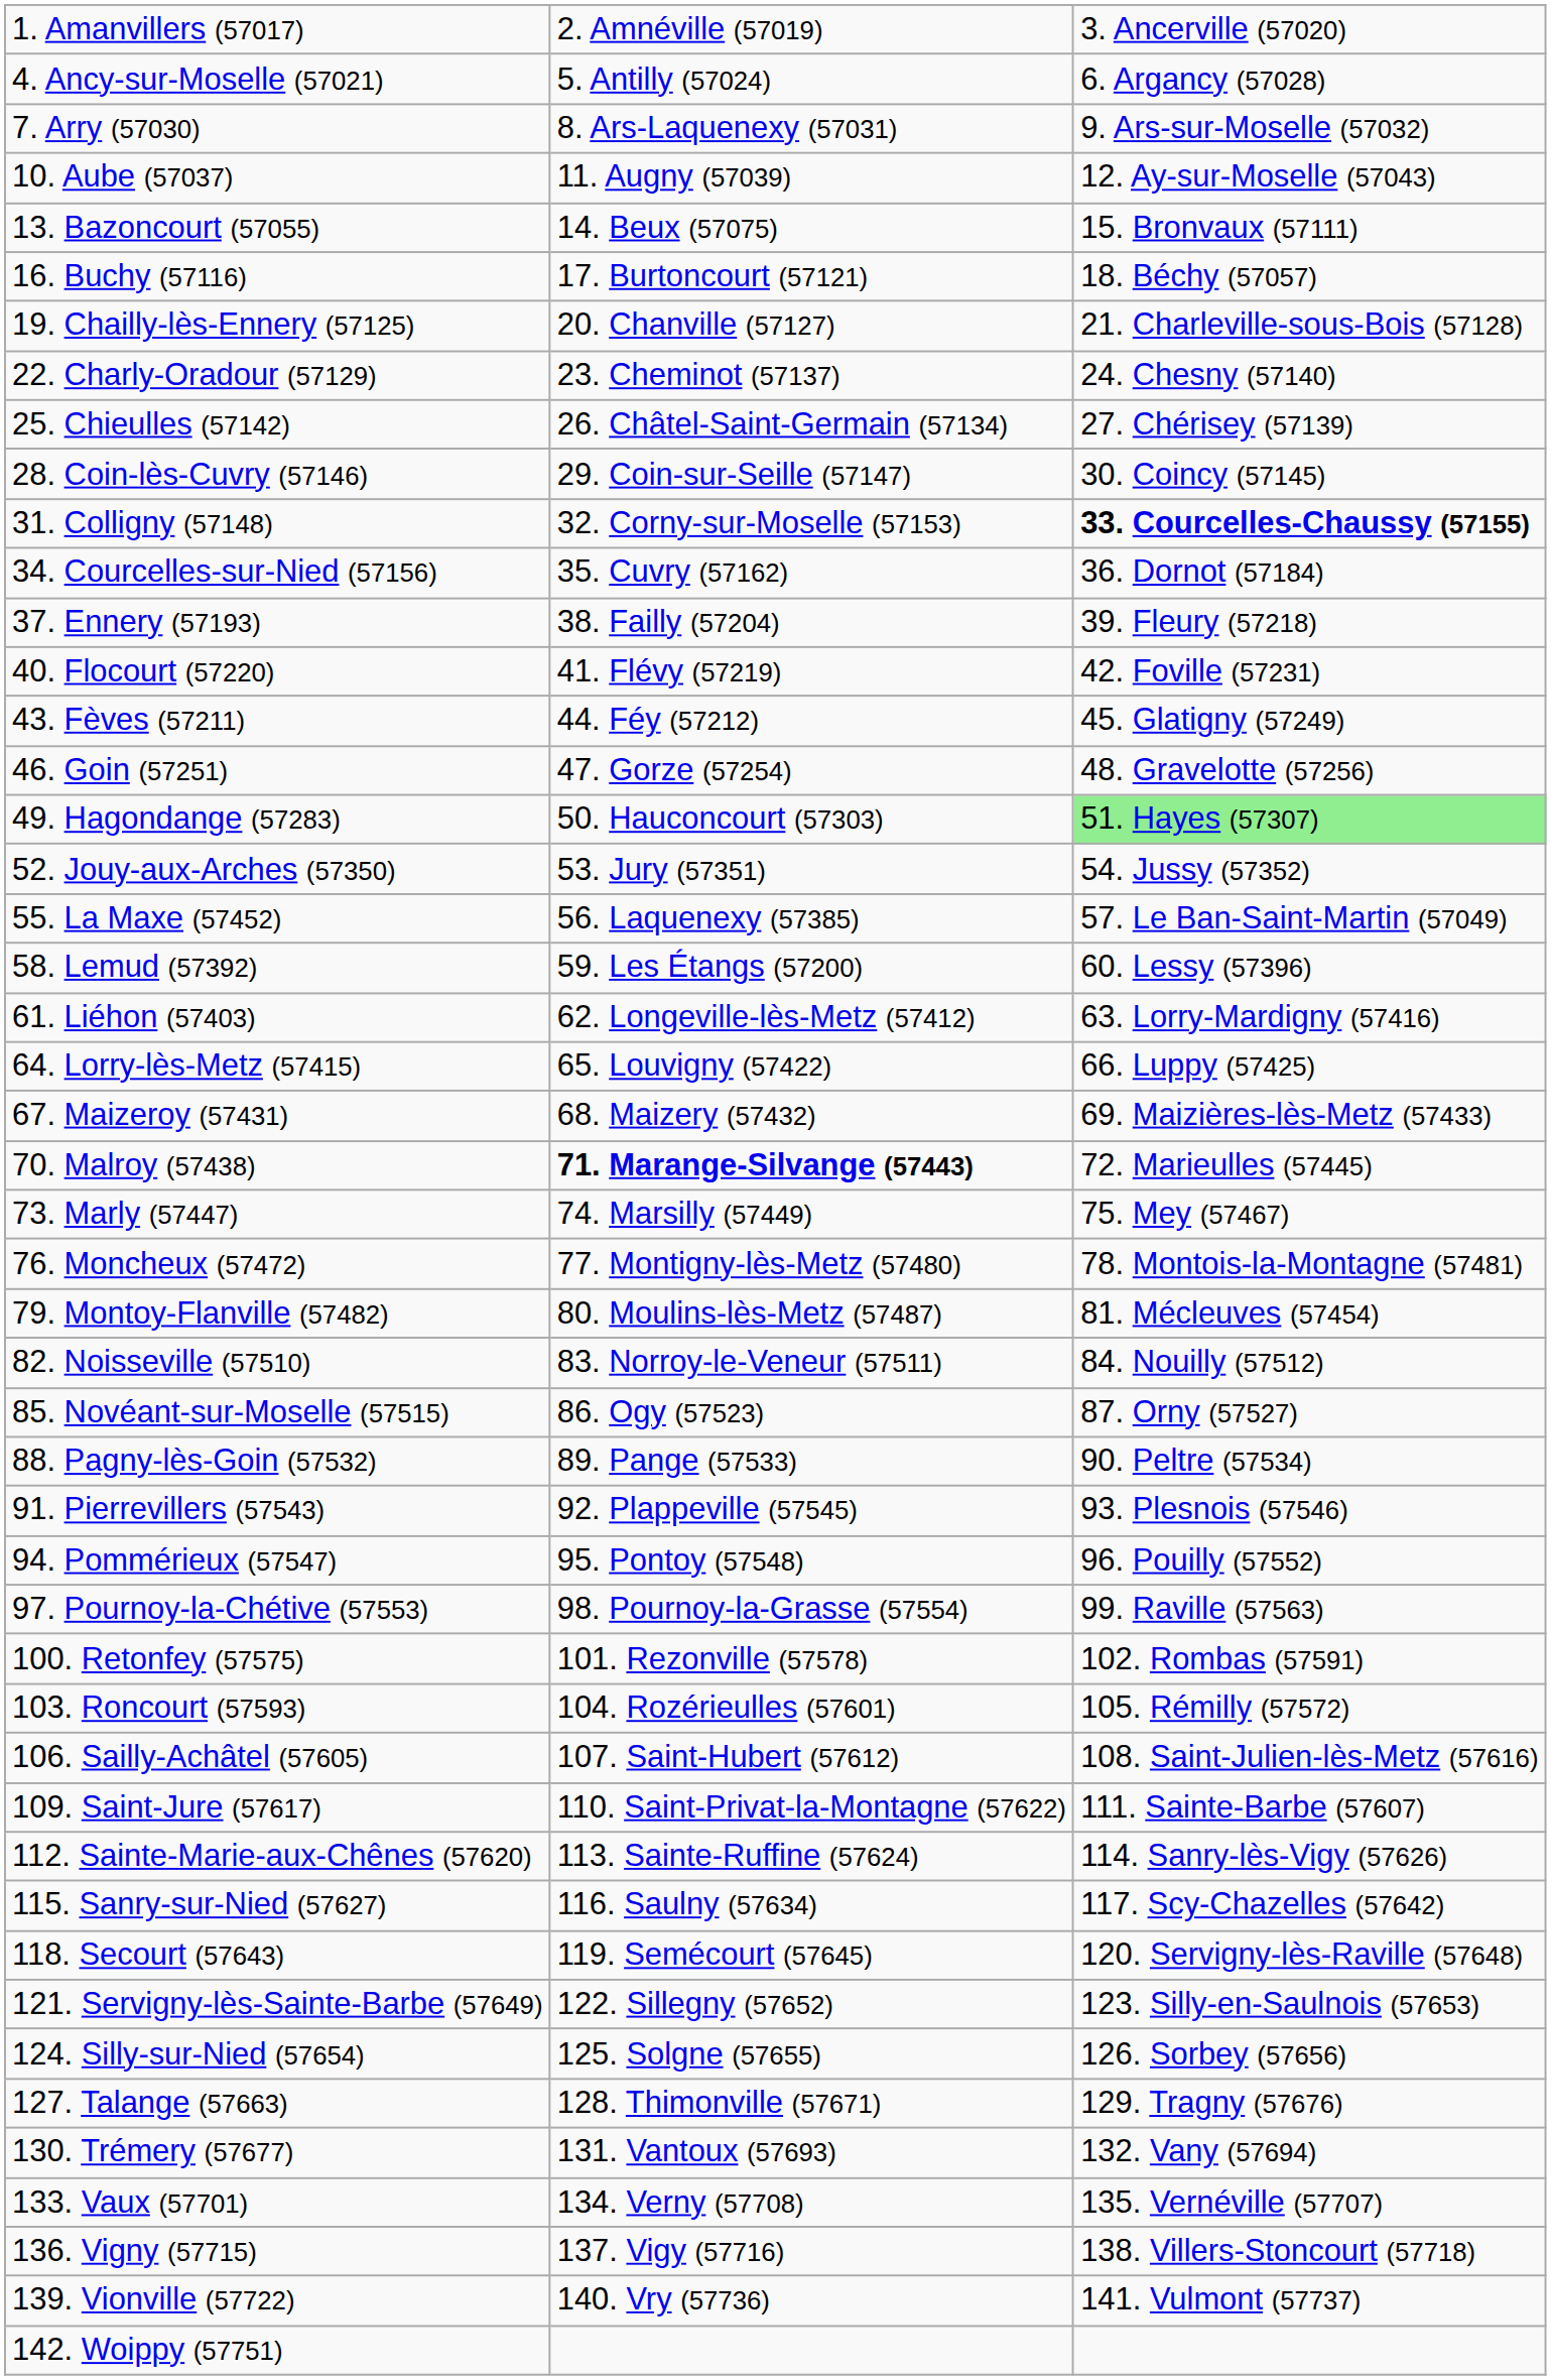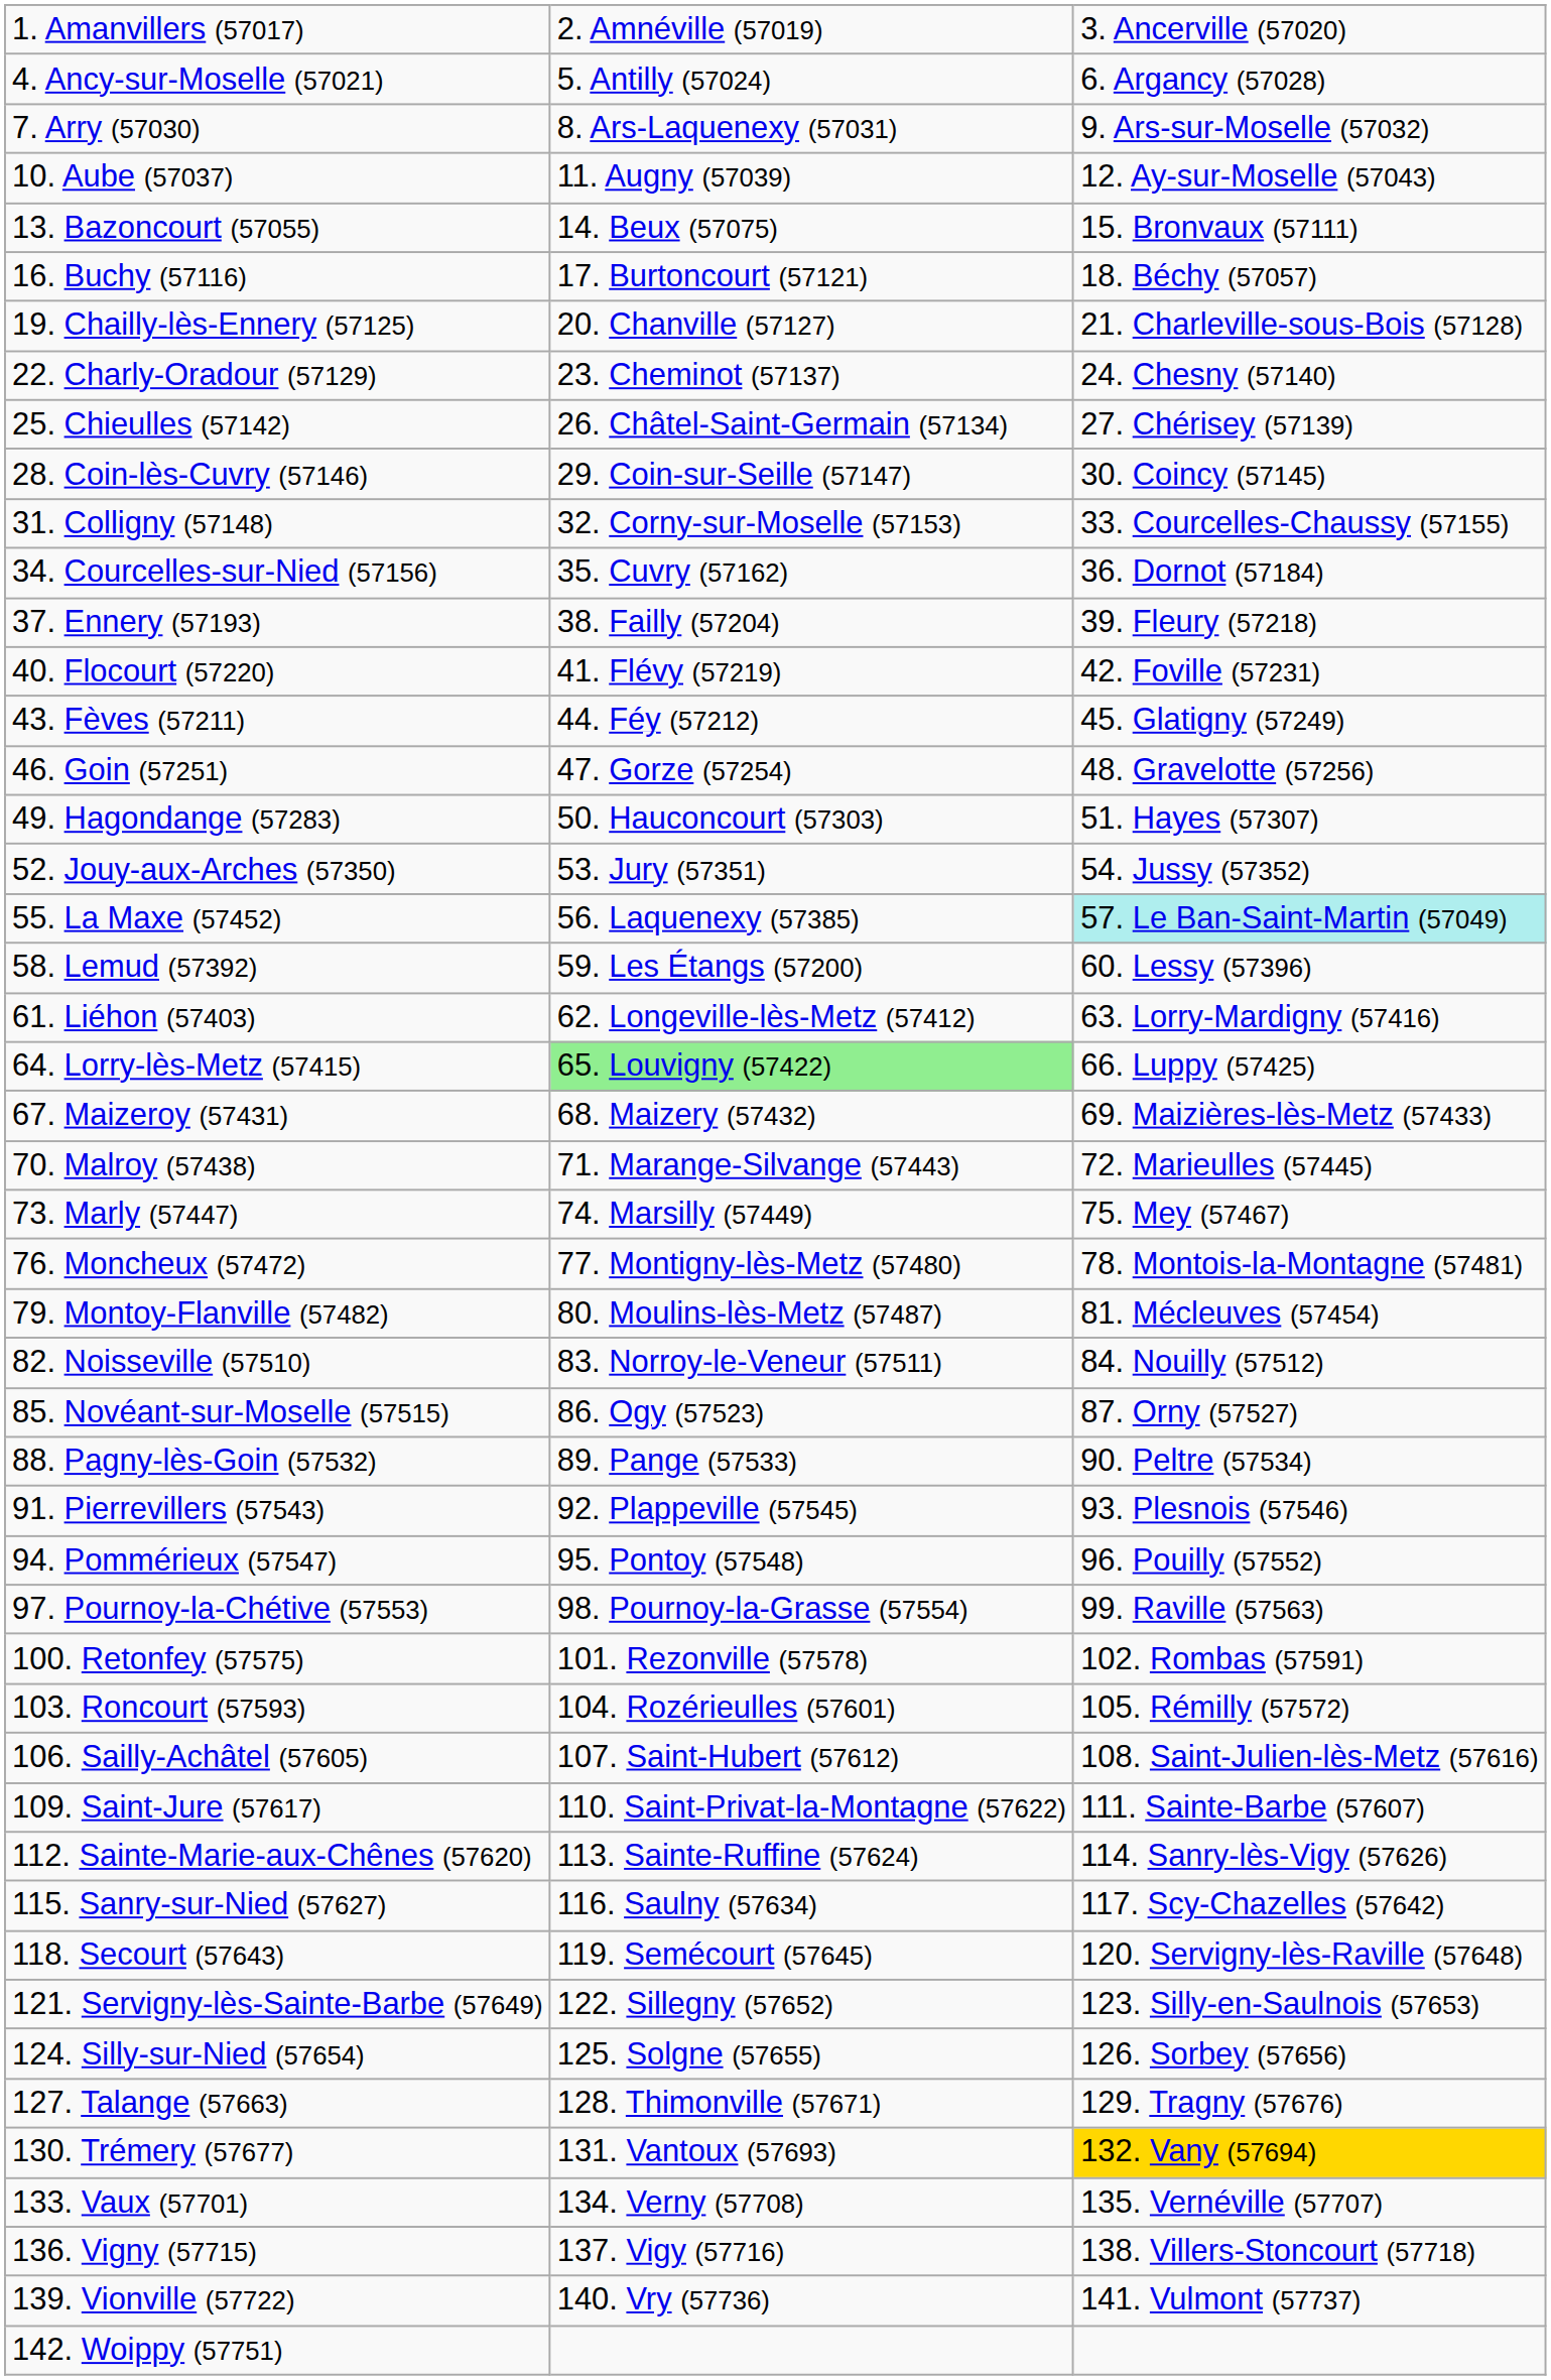 <table class="wikitable">
 <tr>
 <td>1. <a href='#'>Amanvillers</a> <small>(57017)</small></td>
 <td>2. <a href='#'>Amnéville</a> <small>(57019)</small></td>
 <td>3. <a href='#'>Ancerville</a> <small>(57020)</small></td>
 </tr>
 <tr>
 <td>4. <a href='#'>Ancy-sur-Moselle</a> <small>(57021)</small></td>
 <td>5. <a href='#'>Antilly</a> <small>(57024)</small></td>
 <td>6. <a href='#'>Argancy</a> <small>(57028)</small></td>
 </tr>
 <tr>
 <td>7. <a href='#'>Arry</a> <small>(57030)</small></td>
 <td>8. <a href='#'>Ars-Laquenexy</a> <small>(57031)</small></td>
 <td>9. <a href='#'>Ars-sur-Moselle</a> <small>(57032)</small></td>
 </tr>
 <tr>
 <td>10. <a href='#'>Aube</a> <small>(57037)</small></td>
 <td>11. <a href='#'>Augny</a> <small>(57039)</small></td>
 <td>12. <a href='#'>Ay-sur-Moselle</a> <small>(57043)</small></td>
 </tr>
 <tr>
 <td>13. <a href='#'>Bazoncourt</a> <small>(57055)</small></td>
 <td>14. <a href='#'>Beux</a> <small>(57075)</small></td>
 <td>15. <a href='#'>Bronvaux</a> <small>(57111)</small></td>
 </tr>
 <tr>
 <td>16. <a href='#'>Buchy</a> <small>(57116)</small></td>
 <td>17. <a href='#'>Burtoncourt</a> <small>(57121)</small></td>
 <td>18. <a href='#'>Béchy</a> <small>(57057)</small></td>
 </tr>
 <tr>
 <td>19. <a href='#'>Chailly-lès-Ennery</a> <small>(57125)</small></td>
 <td>20. <a href='#'>Chanville</a> <small>(57127)</small></td>
 <td>21. <a href='#'>Charleville-sous-Bois</a> <small>(57128)</small></td>
 </tr>
 <tr>
 <td>22. <a href='#'>Charly-Oradour</a> <small>(57129)</small></td>
 <td>23. <a href='#'>Cheminot</a> <small>(57137)</small></td>
 <td>24. <a href='#'>Chesny</a> <small>(57140)</small></td>
 </tr>
 <tr>
 <td>25. <a href='#'>Chieulles</a> <small>(57142)</small></td>
 <td>26. <a href='#'>Châtel-Saint-Germain</a> <small>(57134)</small></td>
 <td>27. <a href='#'>Chérisey</a> <small>(57139)</small></td>
 </tr>
 <tr>
 <td>28. <a href='#'>Coin-lès-Cuvry</a> <small>(57146)</small></td>
 <td>29. <a href='#'>Coin-sur-Seille</a> <small>(57147)</small></td>
 <td>30. <a href='#'>Coincy</a> <small>(57145)</small></td>
 </tr>
 <tr>
 <td>31. <a href='#'>Colligny</a> <small>(57148)</small></td>
 <td>32. <a href='#'>Corny-sur-Moselle</a> <small>(57153)</small></td>
-<td><strong>33. <a href='#'>Courcelles-Chaussy</a> <small>(57155)</small></strong></td>
+<td>33. <a href='#'>Courcelles-Chaussy</a> <small>(57155)</small></td>
 </tr>
 <tr>
 <td>34. <a href='#'>Courcelles-sur-Nied</a> <small>(57156)</small></td>
 <td>35. <a href='#'>Cuvry</a> <small>(57162)</small></td>
 <td>36. <a href='#'>Dornot</a> <small>(57184)</small></td>
 </tr>
 <tr>
 <td>37. <a href='#'>Ennery</a> <small>(57193)</small></td>
 <td>38. <a href='#'>Failly</a> <small>(57204)</small></td>
 <td>39. <a href='#'>Fleury</a> <small>(57218)</small></td>
 </tr>
 <tr>
 <td>40. <a href='#'>Flocourt</a> <small>(57220)</small></td>
 <td>41. <a href='#'>Flévy</a> <small>(57219)</small></td>
 <td>42. <a href='#'>Foville</a> <small>(57231)</small></td>
 </tr>
 <tr>
 <td>43. <a href='#'>Fèves</a> <small>(57211)</small></td>
 <td>44. <a href='#'>Féy</a> <small>(57212)</small></td>
 <td>45. <a href='#'>Glatigny</a> <small>(57249)</small></td>
 </tr>
 <tr>
 <td>46. <a href='#'>Goin</a> <small>(57251)</small></td>
 <td>47. <a href='#'>Gorze</a> <small>(57254)</small></td>
 <td>48. <a href='#'>Gravelotte</a> <small>(57256)</small></td>
 </tr>
 <tr>
 <td>49. <a href='#'>Hagondange</a> <small>(57283)</small></td>
 <td>50. <a href='#'>Hauconcourt</a> <small>(57303)</small></td>
-<td style="background: lightgreen;">51. <a href='#'>Hayes</a> <small>(57307)</small></td>
+<td>51. <a href='#'>Hayes</a> <small>(57307)</small></td>
 </tr>
 <tr>
 <td>52. <a href='#'>Jouy-aux-Arches</a> <small>(57350)</small></td>
 <td>53. <a href='#'>Jury</a> <small>(57351)</small></td>
 <td>54. <a href='#'>Jussy</a> <small>(57352)</small></td>
 </tr>
 <tr>
 <td>55. <a href='#'>La Maxe</a> <small>(57452)</small></td>
 <td>56. <a href='#'>Laquenexy</a> <small>(57385)</small></td>
-<td>57. <a href='#'>Le Ban-Saint-Martin</a> <small>(57049)</small></td>
+<td style="background: paleturquoise;">57. <a href='#'>Le Ban-Saint-Martin</a> <small>(57049)</small></td>
 </tr>
 <tr>
 <td>58. <a href='#'>Lemud</a> <small>(57392)</small></td>
 <td>59. <a href='#'>Les Étangs</a> <small>(57200)</small></td>
 <td>60. <a href='#'>Lessy</a> <small>(57396)</small></td>
 </tr>
 <tr>
 <td>61. <a href='#'>Liéhon</a> <small>(57403)</small></td>
 <td>62. <a href='#'>Longeville-lès-Metz</a> <small>(57412)</small></td>
 <td>63. <a href='#'>Lorry-Mardigny</a> <small>(57416)</small></td>
 </tr>
 <tr>
 <td>64. <a href='#'>Lorry-lès-Metz</a> <small>(57415)</small></td>
-<td>65. <a href='#'>Louvigny</a> <small>(57422)</small></td>
+<td style="background: lightgreen;">65. <a href='#'>Louvigny</a> <small>(57422)</small></td>
 <td>66. <a href='#'>Luppy</a> <small>(57425)</small></td>
 </tr>
 <tr>
 <td>67. <a href='#'>Maizeroy</a> <small>(57431)</small></td>
 <td>68. <a href='#'>Maizery</a> <small>(57432)</small></td>
 <td>69. <a href='#'>Maizières-lès-Metz</a> <small>(57433)</small></td>
 </tr>
 <tr>
 <td>70. <a href='#'>Malroy</a> <small>(57438)</small></td>
-<td><strong>71. <a href='#'>Marange-Silvange</a> <small>(57443)</small></strong></td>
+<td>71. <a href='#'>Marange-Silvange</a> <small>(57443)</small></td>
 <td>72. <a href='#'>Marieulles</a> <small>(57445)</small></td>
 </tr>
 <tr>
 <td>73. <a href='#'>Marly</a> <small>(57447)</small></td>
 <td>74. <a href='#'>Marsilly</a> <small>(57449)</small></td>
 <td>75. <a href='#'>Mey</a> <small>(57467)</small></td>
 </tr>
 <tr>
 <td>76. <a href='#'>Moncheux</a> <small>(57472)</small></td>
 <td>77. <a href='#'>Montigny-lès-Metz</a> <small>(57480)</small></td>
 <td>78. <a href='#'>Montois-la-Montagne</a> <small>(57481)</small></td>
 </tr>
 <tr>
 <td>79. <a href='#'>Montoy-Flanville</a> <small>(57482)</small></td>
 <td>80. <a href='#'>Moulins-lès-Metz</a> <small>(57487)</small></td>
 <td>81. <a href='#'>Mécleuves</a> <small>(57454)</small></td>
 </tr>
 <tr>
 <td>82. <a href='#'>Noisseville</a> <small>(57510)</small></td>
 <td>83. <a href='#'>Norroy-le-Veneur</a> <small>(57511)</small></td>
 <td>84. <a href='#'>Nouilly</a> <small>(57512)</small></td>
 </tr>
 <tr>
 <td>85. <a href='#'>Novéant-sur-Moselle</a> <small>(57515)</small></td>
 <td>86. <a href='#'>Ogy</a> <small>(57523)</small></td>
 <td>87. <a href='#'>Orny</a> <small>(57527)</small></td>
 </tr>
 <tr>
 <td>88. <a href='#'>Pagny-lès-Goin</a> <small>(57532)</small></td>
 <td>89. <a href='#'>Pange</a> <small>(57533)</small></td>
 <td>90. <a href='#'>Peltre</a> <small>(57534)</small></td>
 </tr>
 <tr>
 <td>91. <a href='#'>Pierrevillers</a> <small>(57543)</small></td>
 <td>92. <a href='#'>Plappeville</a> <small>(57545)</small></td>
 <td>93. <a href='#'>Plesnois</a> <small>(57546)</small></td>
 </tr>
 <tr>
 <td>94. <a href='#'>Pommérieux</a> <small>(57547)</small></td>
 <td>95. <a href='#'>Pontoy</a> <small>(57548)</small></td>
 <td>96. <a href='#'>Pouilly</a> <small>(57552)</small></td>
 </tr>
 <tr>
 <td>97. <a href='#'>Pournoy-la-Chétive</a> <small>(57553)</small></td>
 <td>98. <a href='#'>Pournoy-la-Grasse</a> <small>(57554)</small></td>
 <td>99. <a href='#'>Raville</a> <small>(57563)</small></td>
 </tr>
 <tr>
 <td>100. <a href='#'>Retonfey</a> <small>(57575)</small></td>
 <td>101. <a href='#'>Rezonville</a> <small>(57578)</small></td>
 <td>102. <a href='#'>Rombas</a> <small>(57591)</small></td>
 </tr>
 <tr>
 <td>103. <a href='#'>Roncourt</a> <small>(57593)</small></td>
 <td>104. <a href='#'>Rozérieulles</a> <small>(57601)</small></td>
 <td>105. <a href='#'>Rémilly</a> <small>(57572)</small></td>
 </tr>
 <tr>
 <td>106. <a href='#'>Sailly-Achâtel</a> <small>(57605)</small></td>
 <td>107. <a href='#'>Saint-Hubert</a> <small>(57612)</small></td>
 <td>108. <a href='#'>Saint-Julien-lès-Metz</a> <small>(57616)</small></td>
 </tr>
 <tr>
 <td>109. <a href='#'>Saint-Jure</a> <small>(57617)</small></td>
 <td>110. <a href='#'>Saint-Privat-la-Montagne</a> <small>(57622)</small></td>
 <td>111. <a href='#'>Sainte-Barbe</a> <small>(57607)</small></td>
 </tr>
 <tr>
 <td>112. <a href='#'>Sainte-Marie-aux-Chênes</a> <small>(57620)</small></td>
 <td>113. <a href='#'>Sainte-Ruffine</a> <small>(57624)</small></td>
 <td>114. <a href='#'>Sanry-lès-Vigy</a> <small>(57626)</small></td>
 </tr>
 <tr>
 <td>115. <a href='#'>Sanry-sur-Nied</a> <small>(57627)</small></td>
 <td>116. <a href='#'>Saulny</a> <small>(57634)</small></td>
 <td>117. <a href='#'>Scy-Chazelles</a> <small>(57642)</small></td>
 </tr>
 <tr>
 <td>118. <a href='#'>Secourt</a> <small>(57643)</small></td>
 <td>119. <a href='#'>Semécourt</a> <small>(57645)</small></td>
 <td>120. <a href='#'>Servigny-lès-Raville</a> <small>(57648)</small></td>
 </tr>
 <tr>
 <td>121. <a href='#'>Servigny-lès-Sainte-Barbe</a> <small>(57649)</small></td>
 <td>122. <a href='#'>Sillegny</a> <small>(57652)</small></td>
 <td>123. <a href='#'>Silly-en-Saulnois</a> <small>(57653)</small></td>
 </tr>
 <tr>
 <td>124. <a href='#'>Silly-sur-Nied</a> <small>(57654)</small></td>
 <td>125. <a href='#'>Solgne</a> <small>(57655)</small></td>
 <td>126. <a href='#'>Sorbey</a> <small>(57656)</small></td>
 </tr>
 <tr>
 <td>127. <a href='#'>Talange</a> <small>(57663)</small></td>
 <td>128. <a href='#'>Thimonville</a> <small>(57671)</small></td>
 <td>129. <a href='#'>Tragny</a> <small>(57676)</small></td>
 </tr>
 <tr>
 <td>130. <a href='#'>Trémery</a> <small>(57677)</small></td>
 <td>131. <a href='#'>Vantoux</a> <small>(57693)</small></td>
-<td>132. <a href='#'>Vany</a> <small>(57694)</small></td>
+<td style="background: gold;">132. <a href='#'>Vany</a> <small>(57694)</small></td>
 </tr>
 <tr>
 <td>133. <a href='#'>Vaux</a> <small>(57701)</small></td>
 <td>134. <a href='#'>Verny</a> <small>(57708)</small></td>
 <td>135. <a href='#'>Vernéville</a> <small>(57707)</small></td>
 </tr>
 <tr>
 <td>136. <a href='#'>Vigny</a> <small>(57715)</small></td>
 <td>137. <a href='#'>Vigy</a> <small>(57716)</small></td>
 <td>138. <a href='#'>Villers-Stoncourt</a> <small>(57718)</small></td>
 </tr>
 <tr>
 <td>139. <a href='#'>Vionville</a> <small>(57722)</small></td>
 <td>140. <a href='#'>Vry</a> <small>(57736)</small></td>
 <td>141. <a href='#'>Vulmont</a> <small>(57737)</small></td>
 </tr>
 <tr>
 <td>142. <a href='#'>Woippy</a> <small>(57751)</small></td>
 <td></td>
 <td></td>
 </tr>
 </table>
